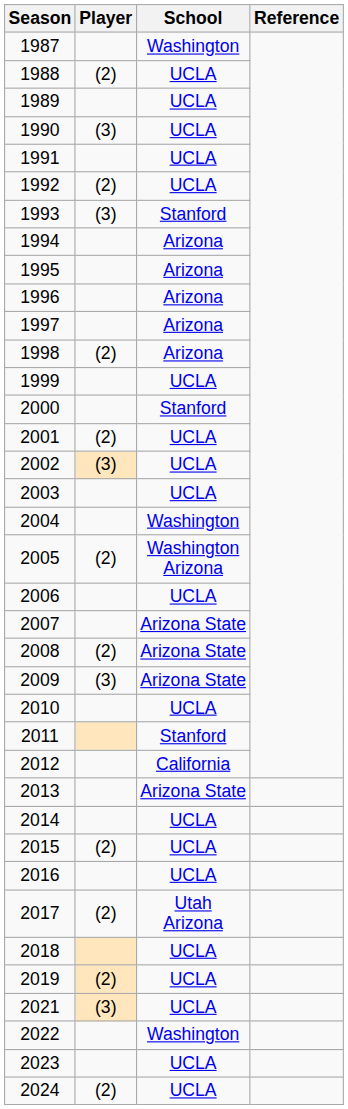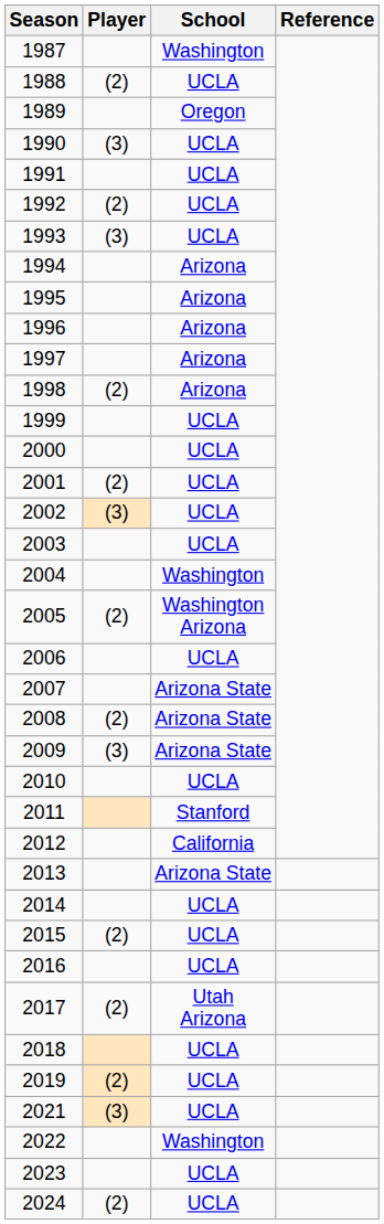 <table class="wikitable sortable">
 <tr>
 <th>Season</th>
 <th>Player</th>
 <th>School</th>
 <th class="unsortable">Reference</th>
 </tr>
 <tr align=center>
 <td>1987</td>
 <td><br></td>
 <td><a href='#'>Washington</a></td>
 <td rowspan="26"></td>
 </tr>
 <tr align=center>
 <td>1988</td>
 <td> (2)</td>
 <td><a href='#'>UCLA</a></td>
 </tr>
 <tr align=center>
 <td>1989</td>
 <td></td>
-<td><a href='#'>UCLA</a></td>
+<td><a href='#'>Oregon</a></td>
 </tr>
 <tr align=center>
 <td>1990</td>
 <td> (3)</td>
 <td><a href='#'>UCLA</a></td>
 </tr>
 <tr align=center>
 <td>1991</td>
 <td></td>
 <td><a href='#'>UCLA</a></td>
 </tr>
 <tr align=center>
 <td>1992</td>
 <td> (2)</td>
 <td><a href='#'>UCLA</a></td>
 </tr>
 <tr align=center>
 <td>1993</td>
 <td> (3)</td>
-<td><a href='#'>Stanford</a></td>
+<td><a href='#'>UCLA</a></td>
 </tr>
 <tr align=center>
 <td>1994</td>
 <td></td>
 <td><a href='#'>Arizona</a></td>
 </tr>
 <tr align=center>
 <td>1995</td>
 <td></td>
 <td><a href='#'>Arizona</a></td>
 </tr>
 <tr align=center>
 <td>1996</td>
 <td></td>
 <td><a href='#'>Arizona</a></td>
 </tr>
 <tr align=center>
 <td>1997</td>
 <td></td>
 <td><a href='#'>Arizona</a></td>
 </tr>
 <tr align=center>
 <td>1998</td>
 <td> (2)</td>
 <td><a href='#'>Arizona</a></td>
 </tr>
 <tr align=center>
 <td>1999</td>
 <td></td>
 <td><a href='#'>UCLA</a></td>
 </tr>
 <tr align=center>
 <td>2000</td>
 <td></td>
-<td><a href='#'>Stanford</a></td>
+<td><a href='#'>UCLA</a></td>
 </tr>
 <tr align=center>
 <td>2001</td>
 <td> (2)</td>
 <td><a href='#'>UCLA</a></td>
 </tr>
 <tr align=center>
 <td>2002</td>
 <td style="background:#ffe6bd;"> (3)</td>
 <td><a href='#'>UCLA</a></td>
 </tr>
 <tr align=center>
 <td>2003</td>
 <td></td>
 <td><a href='#'>UCLA</a></td>
 </tr>
 <tr align=center>
 <td>2004</td>
 <td></td>
 <td><a href='#'>Washington</a></td>
 </tr>
 <tr align=center>
 <td>2005</td>
 <td> (2) <br></td>
 <td><a href='#'>Washington</a> <br> <a href='#'>Arizona</a></td>
 </tr>
 <tr align=center>
 <td>2006</td>
 <td></td>
 <td><a href='#'>UCLA</a></td>
 </tr>
 <tr align=center>
 <td>2007</td>
 <td></td>
 <td><a href='#'>Arizona State</a></td>
 </tr>
 <tr align=center>
 <td>2008</td>
 <td> (2)</td>
 <td><a href='#'>Arizona State</a></td>
 </tr>
 <tr align=center>
 <td>2009</td>
 <td> (3)</td>
 <td><a href='#'>Arizona State</a></td>
 </tr>
 <tr align=center>
 <td>2010</td>
 <td></td>
 <td><a href='#'>UCLA</a></td>
 </tr>
 <tr align=center>
 <td>2011</td>
 <td style="background:#ffe6bd;"></td>
 <td><a href='#'>Stanford</a></td>
 </tr>
 <tr align=center>
 <td>2012</td>
 <td></td>
 <td><a href='#'>California</a></td>
 </tr>
 <tr align=center>
 <td>2013</td>
 <td></td>
 <td><a href='#'>Arizona State</a></td>
 <td style="text-align:center;"></td>
 </tr>
 <tr align=center>
 <td>2014</td>
 <td></td>
 <td><a href='#'>UCLA</a></td>
 <td style="text-align:center;"></td>
 </tr>
 <tr align=center>
 <td>2015</td>
 <td> (2)</td>
 <td><a href='#'>UCLA</a></td>
 <td style="text-align:center;"></td>
 </tr>
 <tr align=center>
 <td>2016</td>
 <td></td>
 <td><a href='#'>UCLA</a></td>
 <td style="text-align:center;"></td>
 </tr>
 <tr align=center>
 <td>2017</td>
 <td> (2) <br></td>
 <td><a href='#'>Utah</a><br><a href='#'>Arizona</a></td>
 <td style="text-align:center;"></td>
 </tr>
 <tr align=center>
 <td>2018</td>
 <td style="background:#ffe6bd;"></td>
 <td><a href='#'>UCLA</a></td>
 <td style="text-align:center;"></td>
 </tr>
 <tr align=center>
 <td>2019</td>
 <td style="background:#ffe6bd;"> (2)</td>
 <td><a href='#'>UCLA</a></td>
 <td style="text-align:center;"></td>
 </tr>
 <tr align=center>
 <td>2021</td>
 <td style="background:#ffe6bd;"> (3)</td>
 <td><a href='#'>UCLA</a></td>
 <td style="text-align:center;"></td>
 </tr>
 <tr align=center>
 <td>2022</td>
 <td></td>
 <td><a href='#'>Washington</a></td>
 <td style="text-align:center;"></td>
 </tr>
 <tr align=center>
 <td>2023</td>
 <td></td>
 <td><a href='#'>UCLA</a></td>
 <td style="text-align:center;"></td>
 </tr>
 <tr align=center>
 <td>2024</td>
 <td> (2)</td>
 <td><a href='#'>UCLA</a></td>
 <td style="text-align:center;"></td>
 </tr>
 </table>
